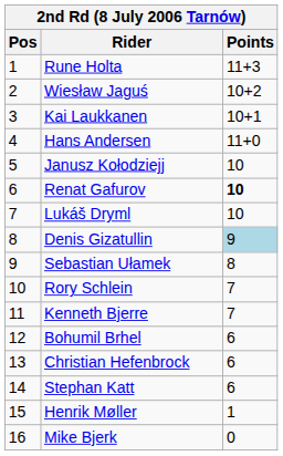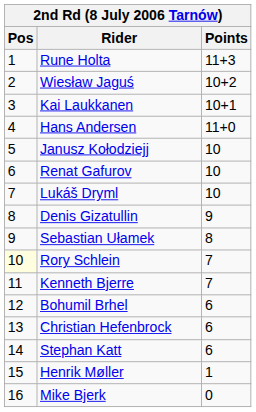 <table class="wikitable">
 <tr>
 <th colspan="6">2nd Rd (8 July 2006  <a href='#'>Tarnów</a>)</th>
 </tr>
 <tr>
 <th width=20>Pos</th>
 <th width=180>Rider</th>
 <th width=40>Points</th>
 </tr>
 <tr>
 <td>1</td>
 <td style="text-align:left;"> <a href='#'>Rune Holta</a></td>
 <td>11+3</td>
 </tr>
 <tr>
 <td>2</td>
 <td style="text-align:left;"> <a href='#'>Wiesław Jaguś</a></td>
 <td>10+2</td>
 </tr>
 <tr>
 <td>3</td>
 <td style="text-align:left;"> <a href='#'>Kai Laukkanen</a></td>
 <td>10+1</td>
 </tr>
 <tr>
 <td>4</td>
 <td style="text-align:left;"> <a href='#'>Hans Andersen</a></td>
 <td>11+0</td>
 </tr>
 <tr>
 <td>5</td>
 <td style="text-align:left;"> <a href='#'>Janusz Kołodziejj</a></td>
 <td>10</td>
 </tr>
 <tr>
 <td>6</td>
 <td style="text-align:left;"> <a href='#'>Renat Gafurov</a></td>
-<td><strong>10</strong></td>
+<td>10</td>
 </tr>
 <tr>
 <td>7</td>
 <td style="text-align:left;"> <a href='#'>Lukáš Dryml</a></td>
 <td>10</td>
 </tr>
 <tr>
 <td>8</td>
 <td style="text-align:left;"> <a href='#'>Denis Gizatullin</a></td>
-<td style="background: lightblue;">9</td>
+<td>9</td>
 </tr>
 <tr>
 <td>9</td>
 <td style="text-align:left;"> <a href='#'>Sebastian Ułamek</a></td>
 <td>8</td>
 </tr>
 <tr>
-<td>10</td>
+<td style="background: lightyellow;">10</td>
 <td style="text-align:left;"> <a href='#'>Rory Schlein</a></td>
 <td>7</td>
 </tr>
 <tr>
 <td>11</td>
 <td style="text-align:left;"> <a href='#'>Kenneth Bjerre</a></td>
 <td>7</td>
 </tr>
 <tr>
 <td>12</td>
 <td style="text-align:left;"> <a href='#'>Bohumil Brhel</a></td>
 <td>6</td>
 </tr>
 <tr>
 <td>13</td>
 <td style="text-align:left;"> <a href='#'>Christian Hefenbrock</a></td>
 <td>6</td>
 </tr>
 <tr>
 <td>14</td>
 <td style="text-align:left;"> <a href='#'>Stephan Katt</a></td>
 <td>6</td>
 </tr>
 <tr>
 <td>15</td>
 <td style="text-align:left;"> <a href='#'>Henrik Møller</a></td>
 <td>1</td>
 </tr>
 <tr>
 <td>16</td>
 <td style="text-align:left;"> <a href='#'>Mike Bjerk</a></td>
 <td>0</td>
 </tr>
 </table>
